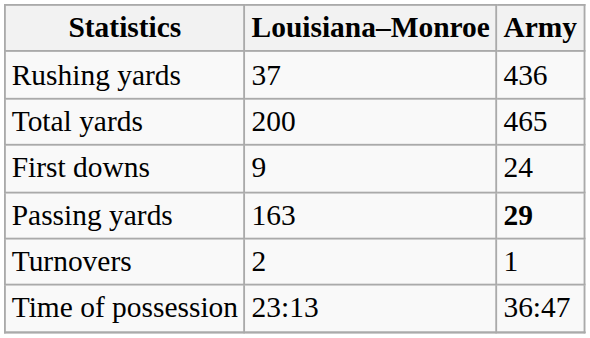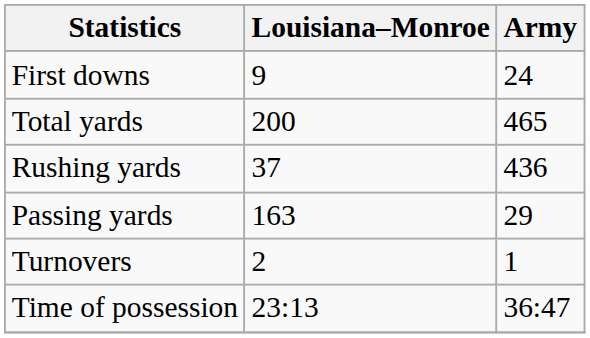 <table class="wikitable">
 <tr>
 <th>Statistics</th>
 <th>Louisiana–Monroe</th>
 <th>Army</th>
 </tr>
 <tr>
-<td>Rushing yards</td>
-<td>37</td>
-<td>436</td>
+<td>First downs</td>
+<td>9</td>
+<td>24</td>
 </tr>
 <tr>
 <td>Total yards</td>
 <td>200</td>
 <td>465</td>
 </tr>
 <tr>
-<td>First downs</td>
-<td>9</td>
-<td>24</td>
+<td>Rushing yards</td>
+<td>37</td>
+<td>436</td>
 </tr>
 <tr>
 <td>Passing yards</td>
 <td>163</td>
-<td><strong>29</strong></td>
+<td>29</td>
 </tr>
 <tr>
 <td>Turnovers</td>
 <td>2</td>
 <td>1</td>
 </tr>
 <tr>
 <td>Time of possession</td>
 <td>23:13</td>
 <td>36:47</td>
 </tr>
 <tr>
 </tr>
 </table>
